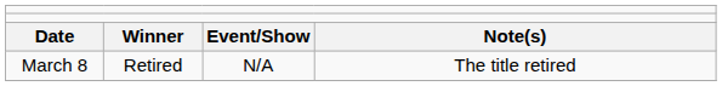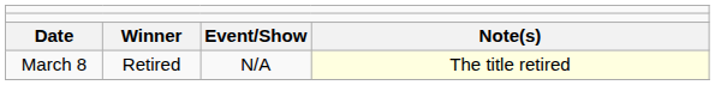 <table class="wikitable" style="text-align:center; width:100%;">
 <tr>
 <td colspan="5"></td>
 </tr>
 <tr>
 <td colspan="5"><strong></strong></td>
 </tr>
 <tr>
 <th width=14%>Date</th>
 <th width=14%>Winner</th>
 <th width=14%>Event/Show</th>
 <th width=58%>Note(s)</th>
 </tr>
 <tr>
 <td>March 8</td>
 <td>Retired</td>
 <td>N/A</td>
-<td>The title retired</td>
+<td style="background: lightyellow;">The title retired</td>
 </tr>
 <tr>
 </tr>
 </table>
